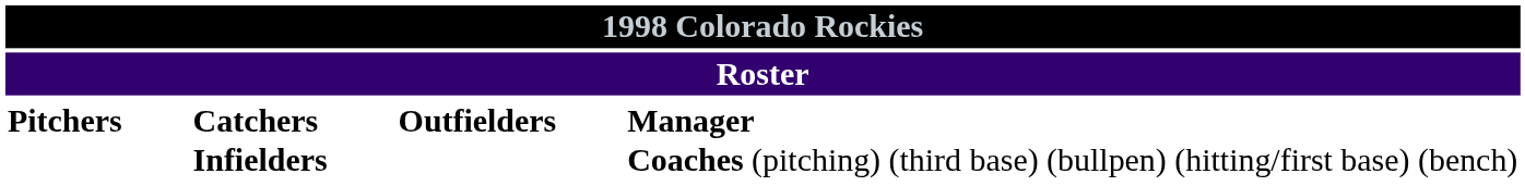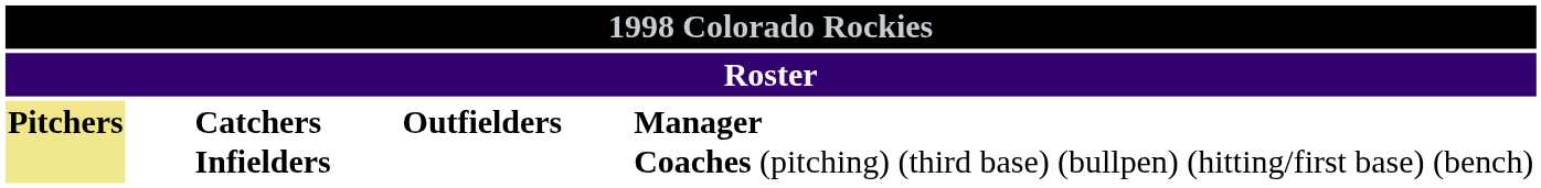 <table class="toccolours" style="font-size: 95%;">
 <tr>
 <th colspan="10" style="background-color: #000000; color: #C4CED4; text-align: center;">1998 Colorado Rockies</th>
 </tr>
 <tr>
 <td colspan="10" style="background-color: #33006F; color: #FFFFFF; text-align: center;"><strong>Roster</strong></td>
 </tr>
 <tr>
-<td valign="top"><strong>Pitchers</strong><br>                  </td>
+<td valign="top" style="background: khaki;"><strong>Pitchers</strong><br>                  </td>
 <td width="25px"></td>
 <td valign="top"><strong>Catchers</strong><br>   <strong>Infielders</strong>        </td>
 <td width="25px"></td>
 <td valign="top"><strong>Outfielders</strong><br>           </td>
 <td width="25px"></td>
 <td valign="top"><strong>Manager</strong><br> <strong>Coaches</strong>  (pitching)  (third base)  (bullpen)  (hitting/first base)  (bench)</td>
 </tr>
 </table>
